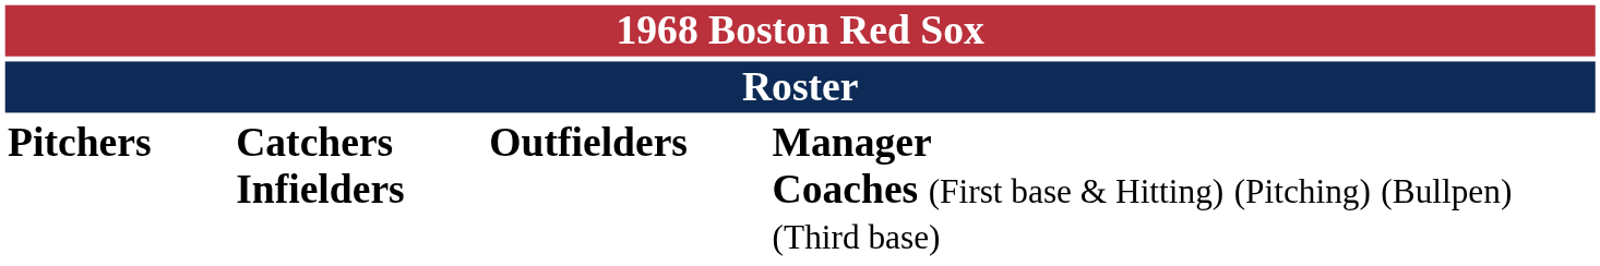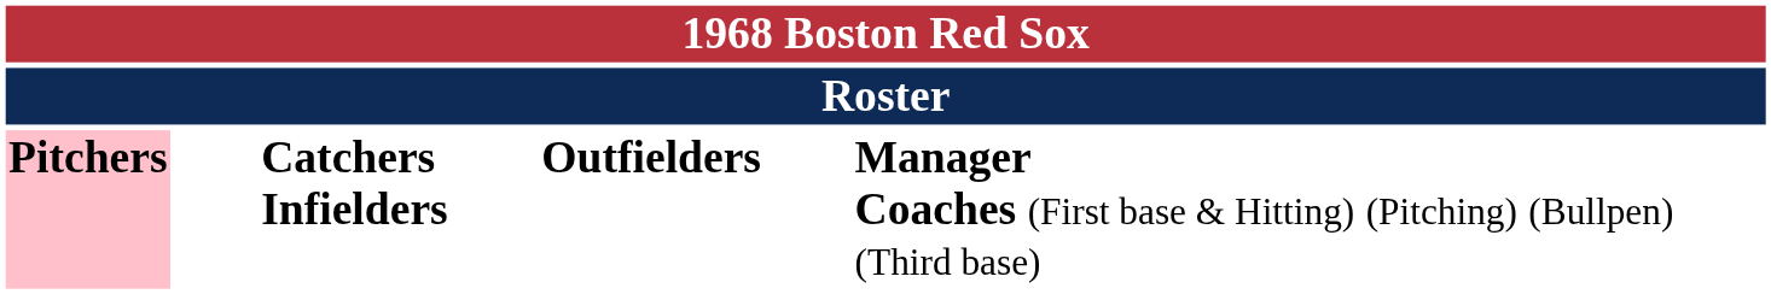 <table class="toccolours" style="text-align: left;">
 <tr>
 <th colspan="10" style="background-color: #ba313c; color: white; text-align: center;">1968 Boston Red Sox</th>
 </tr>
 <tr>
 <td colspan="10" style="background-color: #0d2b56; color: white; text-align: center;"><strong>Roster</strong></td>
 </tr>
 <tr>
-<td valign="top"><strong>Pitchers</strong><br>               </td>
+<td valign="top" style="background: pink;"><strong>Pitchers</strong><br>               </td>
 <td width="25px"></td>
 <td valign="top"><strong>Catchers</strong><br>     <strong>Infielders</strong>        </td>
 <td width="25px"></td>
 <td valign="top"><strong>Outfielders</strong><br>      </td>
 <td width="25px"></td>
 <td valign="top"><strong>Manager</strong><br> <strong>Coaches</strong>  <small>(First base & Hitting)</small>  <small>(Pitching)</small>  <small>(Bullpen)</small>  <small>(Third base)</small></td>
 </tr>
 <tr>
 </tr>
 </table>
